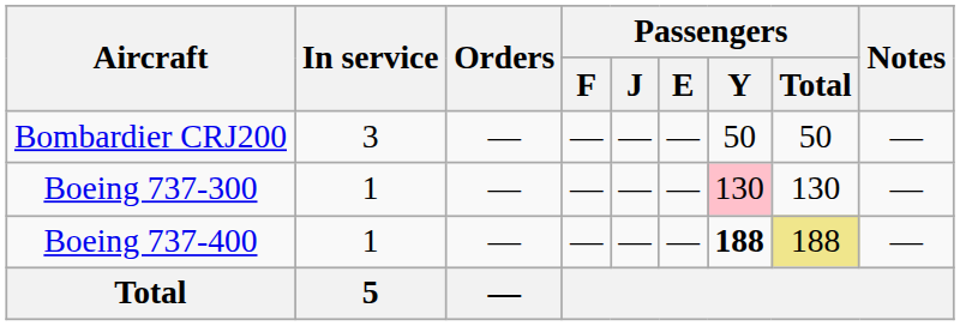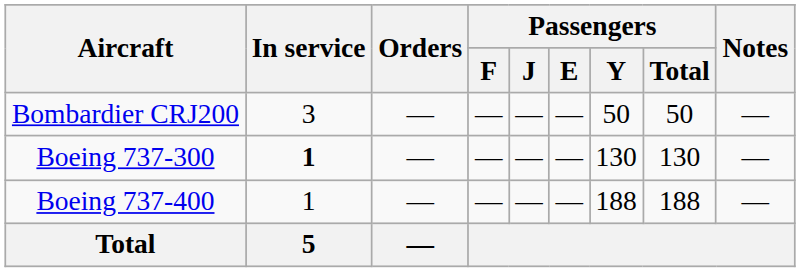 <table class="wikitable" style="margin:1em auto; border-collapse:collapse;text-align:center">
 <tr Pars Fleet>
 <th rowspan="2">Aircraft</th>
 <th rowspan="2">In service</th>
 <th rowspan="2">Orders</th>
 <th colspan="5">Passengers</th>
 <th rowspan="2">Notes</th>
 </tr>
 <tr>
 <th><abbr>F</abbr></th>
 <th><abbr>J</abbr></th>
 <th><abbr>E</abbr></th>
 <th><abbr>Y</abbr></th>
 <th>Total</th>
 </tr>
 <tr>
 <td><a href='#'>Bombardier CRJ200</a></td>
 <td>3</td>
 <td>—</td>
 <td>—</td>
 <td>—</td>
 <td>—</td>
 <td>50</td>
 <td>50</td>
 <td>—</td>
 </tr>
 <tr>
 <td><a href='#'>Boeing 737-300</a></td>
-<td>1</td>
+<td><strong>1</strong></td>
 <td>—</td>
 <td>—</td>
 <td>—</td>
 <td>—</td>
-<td style="background: pink;">130</td>
+<td>130</td>
 <td>130</td>
 <td>—</td>
 </tr>
 <tr>
 <td><a href='#'>Boeing 737-400</a></td>
 <td>1</td>
 <td>—</td>
 <td>—</td>
 <td>—</td>
 <td>—</td>
-<td><strong>188</strong></td>
-<td style="background: khaki;">188</td>
+<td>188</td>
+<td>188</td>
 <td>—</td>
 </tr>
 <tr>
 <th>Total</th>
 <th>5</th>
 <th>—</th>
 <th colspan="7"></th>
 </tr>
 </table>
